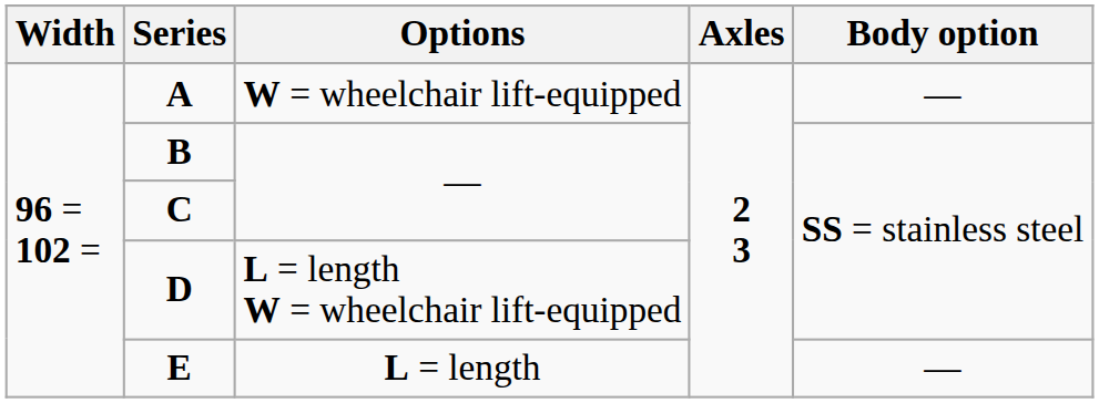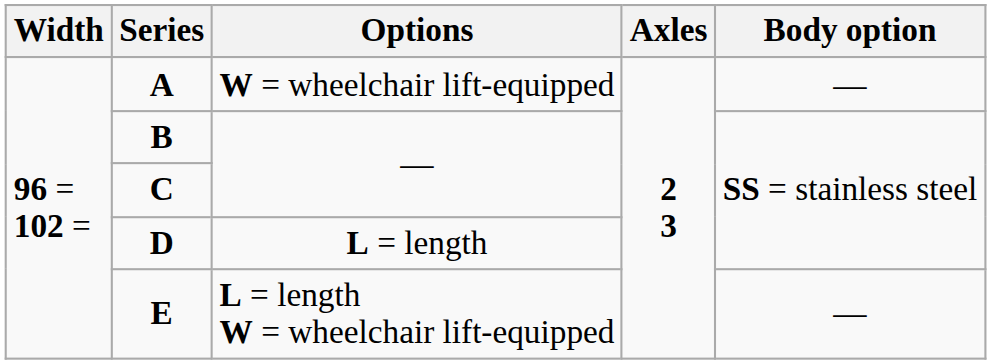 <table class="wikitable" style="text-align:center;margin-left:auto;margin-right:auto;border:none;">
 <tr>
 <th>Width</th>
 <th>Series</th>
 <th>Options</th>
 <th>Axles</th>
 <th>Body option</th>
 </tr>
 <tr>
 <td rowspan=5 style="text-align:left"><strong>96</strong> = <br><strong>102</strong> = </td>
 <td><strong>A</strong></td>
 <td style="text-align:left"><strong>W</strong> = wheelchair lift-equipped</td>
 <td rowspan=5><strong>2</strong><br><strong>3</strong></td>
 <td>—</td>
 </tr>
 <tr>
 <td><strong>B</strong></td>
 <td rowspan=2>—</td>
 <td rowspan=3><strong>SS</strong> = stainless steel</td>
 </tr>
 <tr>
 <td><strong>C</strong></td>
 </tr>
 <tr>
 <td><strong>D</strong></td>
-<td style="text-align:left"><strong>L</strong> =  length<br><strong>W</strong> = wheelchair lift-equipped</td>
+<td><strong>L</strong> =  length</td>
 </tr>
 <tr>
 <td><strong>E</strong></td>
-<td><strong>L</strong> =  length</td>
+<td style="text-align:left"><strong>L</strong> =  length<br><strong>W</strong> = wheelchair lift-equipped</td>
 <td>—</td>
 </tr>
 </table>
